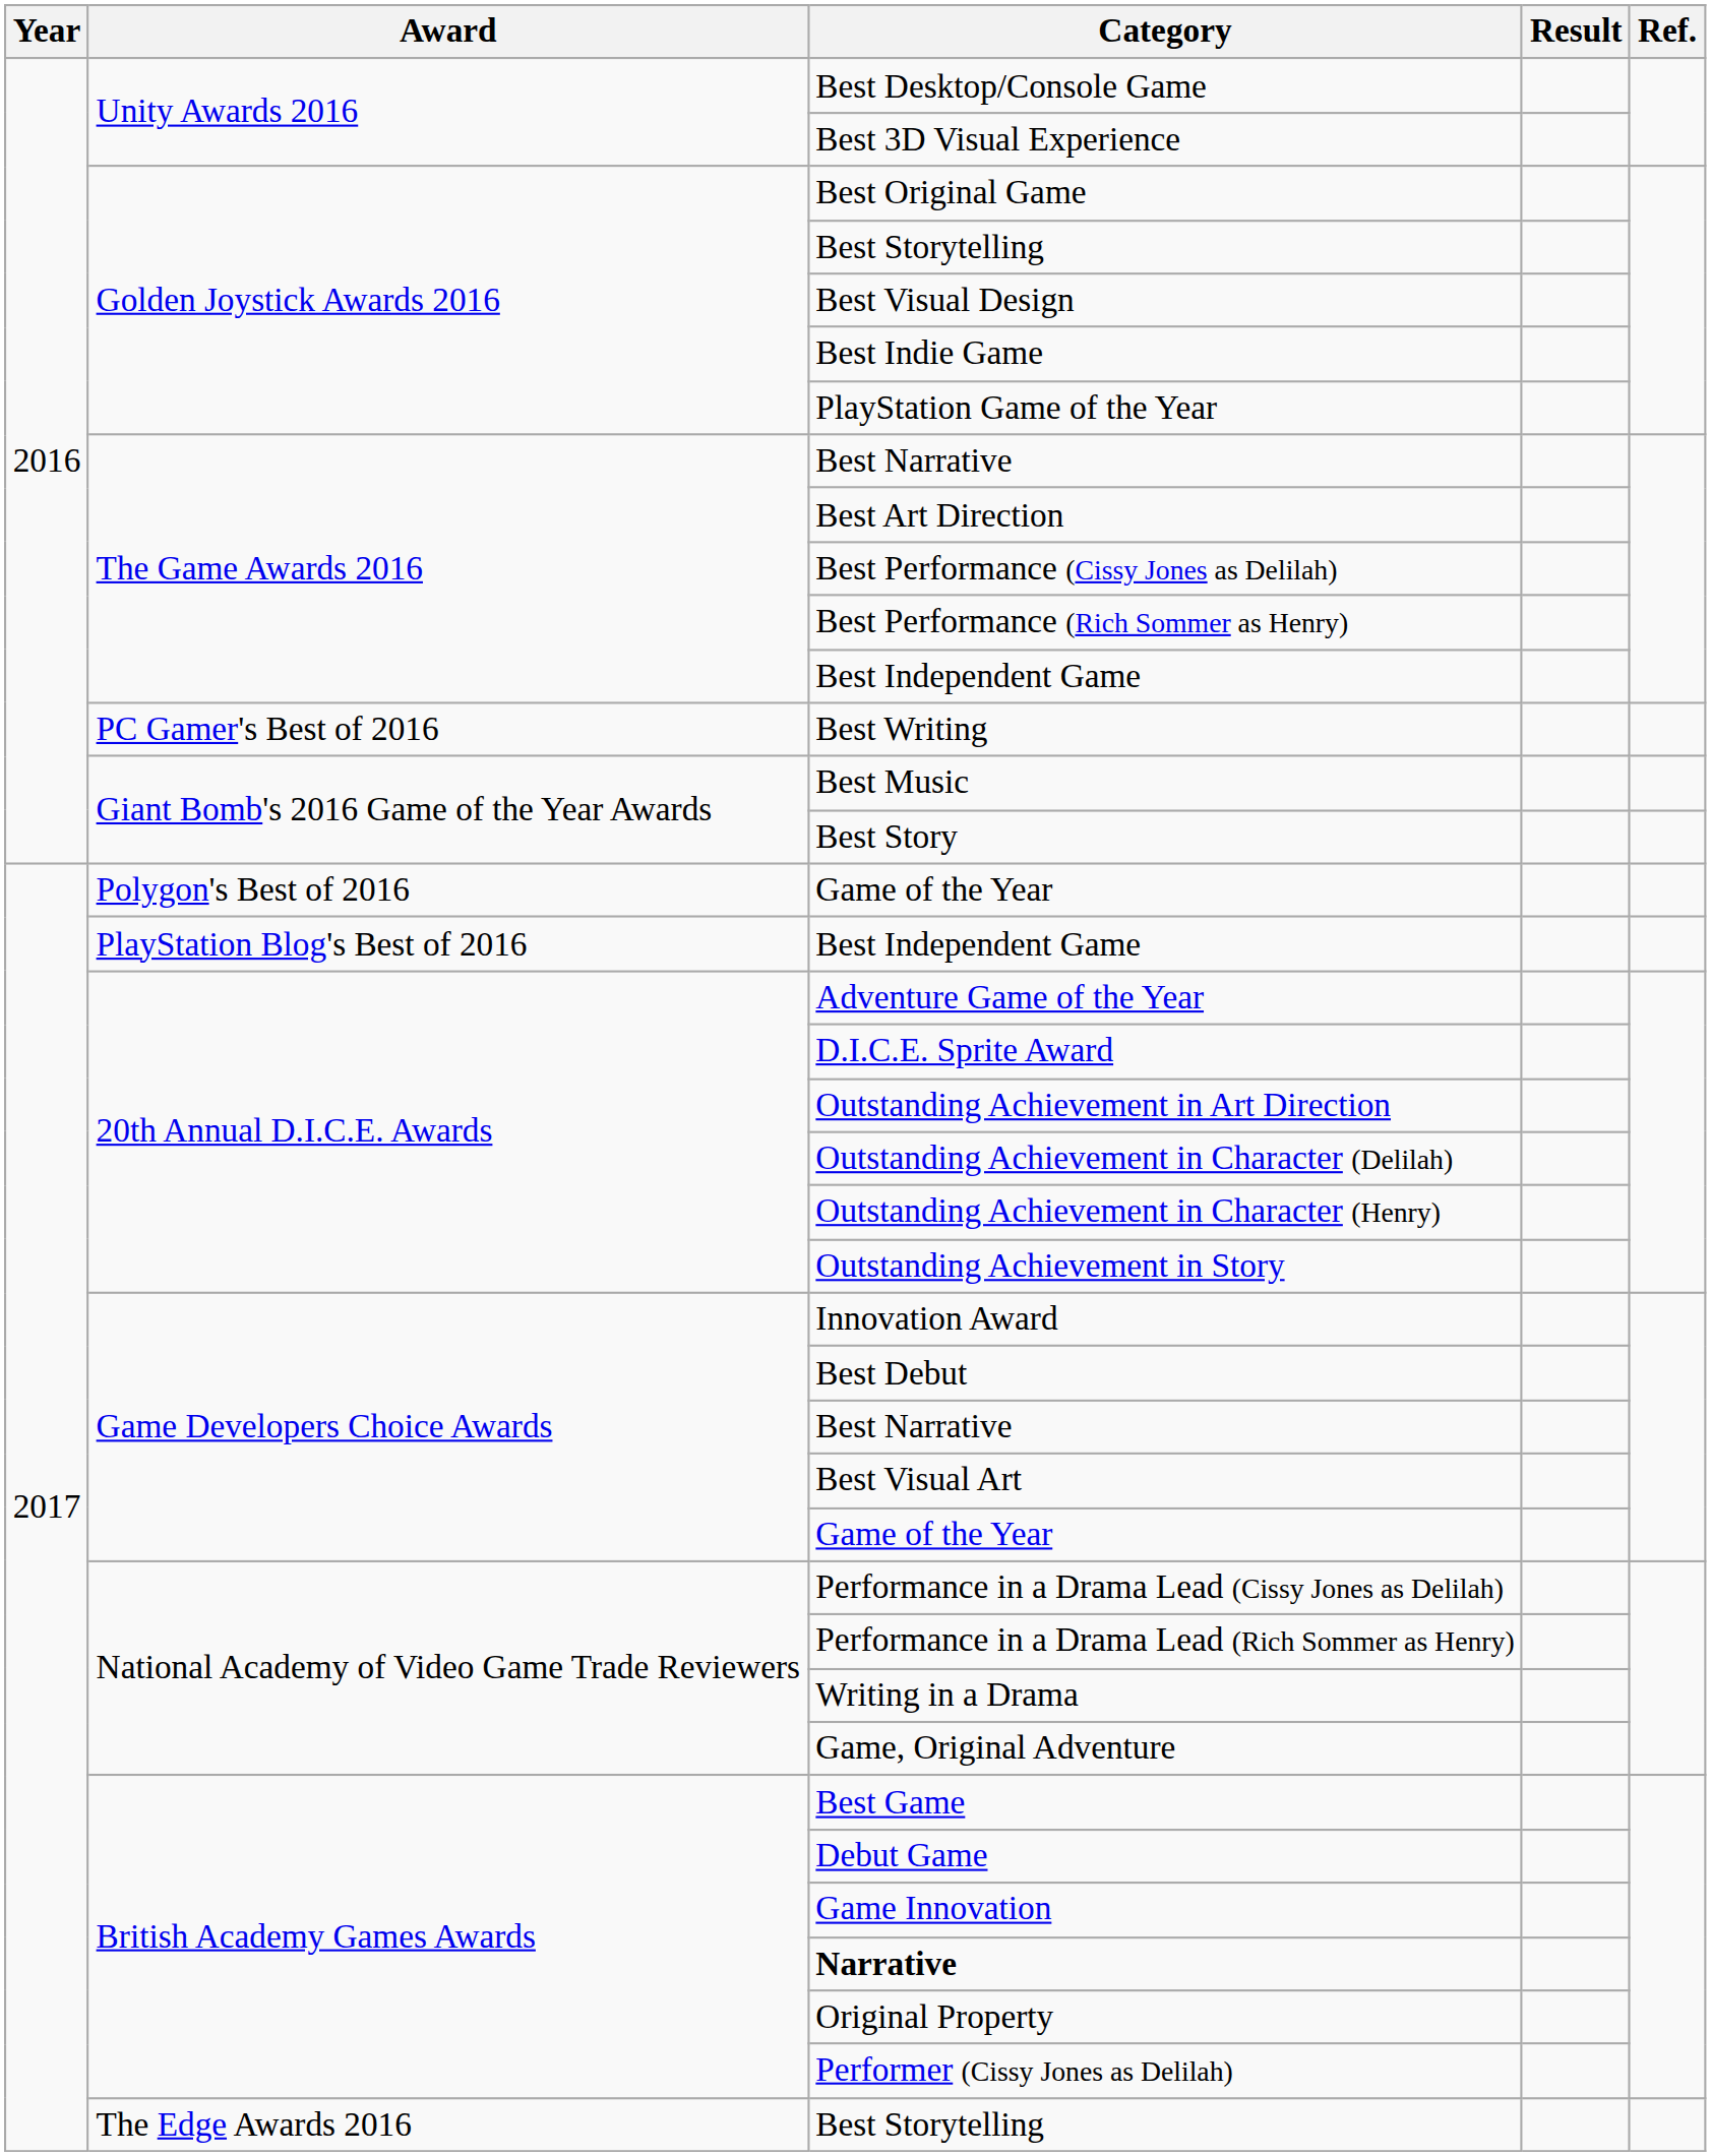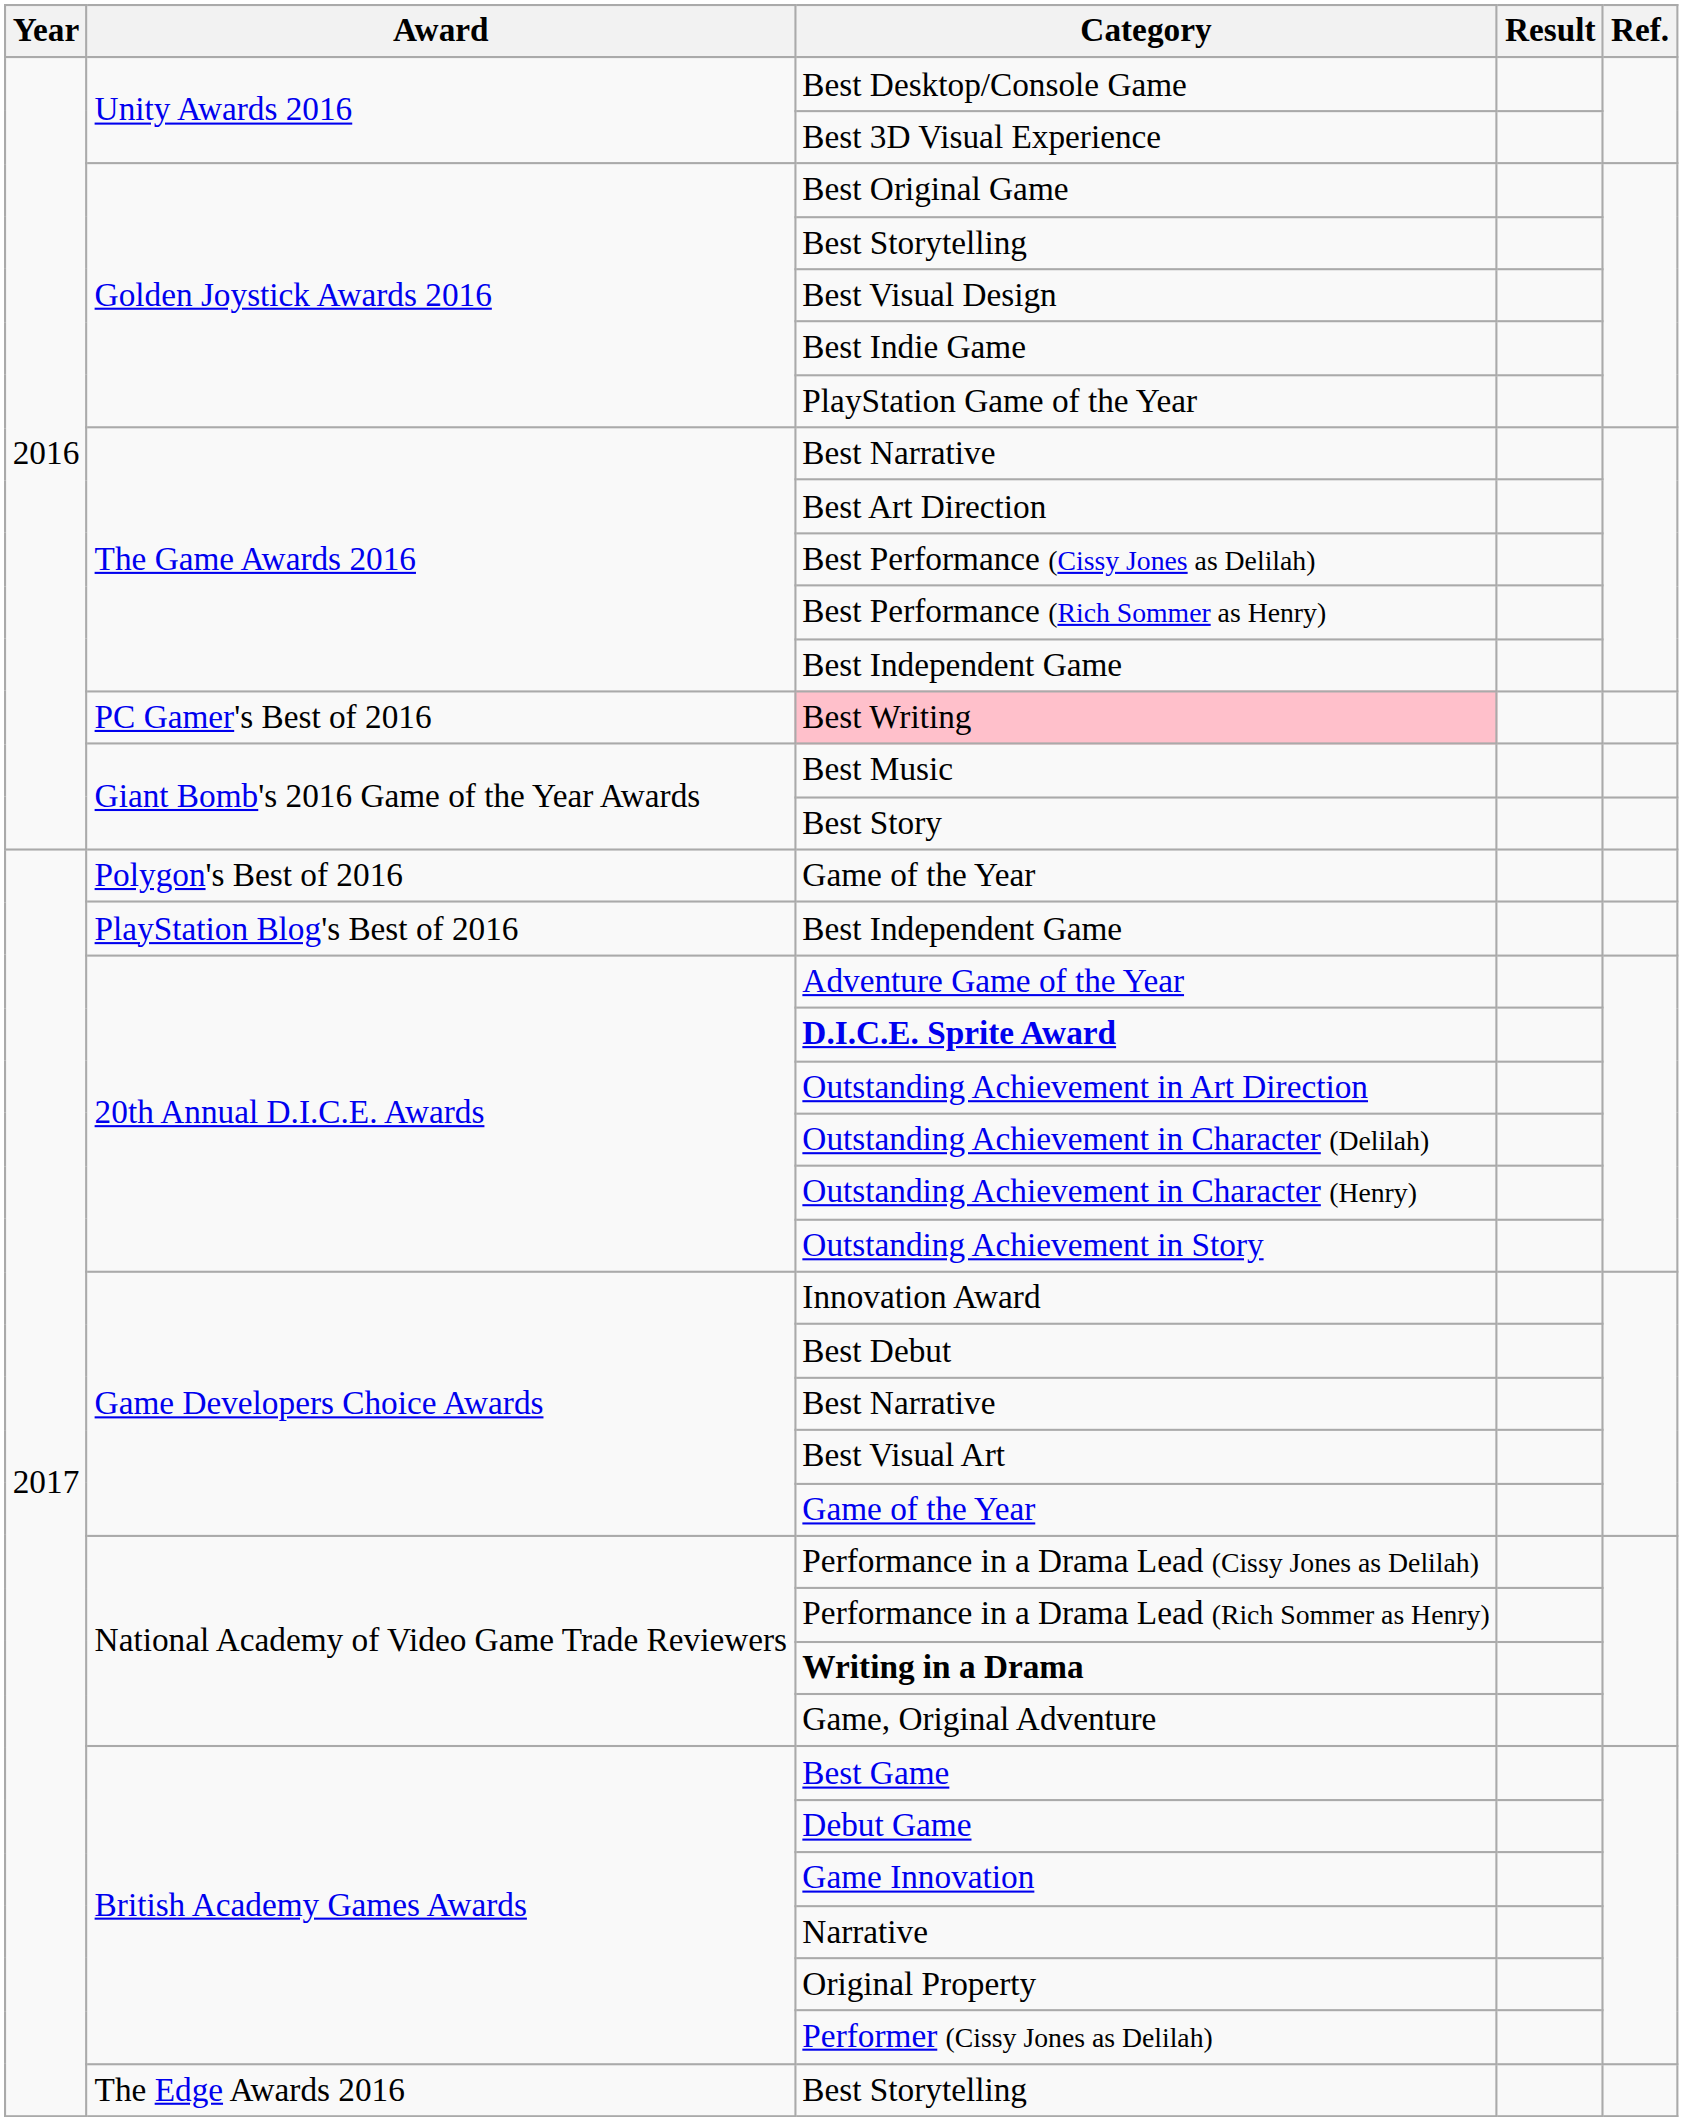 <table class="wikitable sortable">
 <tr>
 <th>Year</th>
 <th>Award</th>
 <th>Category</th>
 <th>Result</th>
 <th>Ref.</th>
 </tr>
 <tr>
 <td rowspan="15" style="text-align:center;">2016</td>
 <td rowspan="2"><a href='#'>Unity Awards 2016</a></td>
 <td>Best Desktop/Console Game</td>
 <td></td>
 <td rowspan="2"></td>
 </tr>
 <tr>
 <td>Best 3D Visual Experience</td>
 <td></td>
 </tr>
 <tr>
 <td rowspan="5"><a href='#'>Golden Joystick Awards 2016</a></td>
 <td>Best Original Game</td>
 <td></td>
 <td rowspan="5"></td>
 </tr>
 <tr>
 <td>Best Storytelling</td>
 <td></td>
 </tr>
 <tr>
 <td>Best Visual Design</td>
 <td></td>
 </tr>
 <tr>
 <td>Best Indie Game</td>
 <td></td>
 </tr>
 <tr>
 <td>PlayStation Game of the Year</td>
 <td></td>
 </tr>
 <tr>
 <td rowspan="5"><a href='#'>The Game Awards 2016</a></td>
 <td>Best Narrative</td>
 <td></td>
 <td rowspan="5"></td>
 </tr>
 <tr>
 <td>Best Art Direction</td>
 <td></td>
 </tr>
 <tr>
 <td>Best Performance <small>(<a href='#'>Cissy Jones</a> as Delilah)</small></td>
 <td></td>
 </tr>
 <tr>
 <td>Best Performance <small>(<a href='#'>Rich Sommer</a> as Henry)</small></td>
 <td></td>
 </tr>
 <tr>
 <td>Best Independent Game</td>
 <td></td>
 </tr>
 <tr>
 <td><a href='#'>PC Gamer</a>'s Best of 2016</td>
-<td>Best Writing</td>
+<td style="background: pink;">Best Writing</td>
 <td></td>
 <td></td>
 </tr>
 <tr>
 <td rowspan="2"><a href='#'>Giant Bomb</a>'s 2016 Game of the Year Awards</td>
 <td>Best Music</td>
 <td></td>
 <td></td>
 </tr>
 <tr>
 <td>Best Story</td>
 <td></td>
 <td></td>
 </tr>
 <tr>
 <td style="text-align:center;" rowspan="24">2017</td>
 <td><a href='#'>Polygon</a>'s Best of 2016</td>
 <td>Game of the Year</td>
 <td></td>
 <td></td>
 </tr>
 <tr>
 <td><a href='#'>PlayStation Blog</a>'s Best of 2016</td>
 <td>Best Independent Game</td>
 <td></td>
 <td></td>
 </tr>
 <tr>
 <td rowspan="6"><a href='#'>20th Annual D.I.C.E. Awards</a></td>
 <td><a href='#'>Adventure Game of the Year</a></td>
 <td></td>
 <td rowspan="6"></td>
 </tr>
 <tr>
-<td><a href='#'>D.I.C.E. Sprite Award</a></td>
+<td><strong><a href='#'>D.I.C.E. Sprite Award</a></strong></td>
 <td></td>
 </tr>
 <tr>
 <td><a href='#'>Outstanding Achievement in Art Direction</a></td>
 <td></td>
 </tr>
 <tr>
 <td><a href='#'>Outstanding Achievement in Character</a> <small>(Delilah)</small></td>
 <td></td>
 </tr>
 <tr>
 <td><a href='#'>Outstanding Achievement in Character</a> <small>(Henry)</small></td>
 <td></td>
 </tr>
 <tr>
 <td><a href='#'>Outstanding Achievement in Story</a></td>
 <td></td>
 </tr>
 <tr>
 <td rowspan="5"><a href='#'>Game Developers Choice Awards</a></td>
 <td>Innovation Award</td>
 <td></td>
 <td rowspan="5"></td>
 </tr>
 <tr>
 <td>Best Debut</td>
 <td></td>
 </tr>
 <tr>
 <td>Best Narrative</td>
 <td></td>
 </tr>
 <tr>
 <td>Best Visual Art</td>
 <td></td>
 </tr>
 <tr>
 <td><a href='#'>Game of the Year</a></td>
 <td></td>
 </tr>
 <tr>
 <td rowspan="4">National Academy of Video Game Trade Reviewers</td>
 <td>Performance in a Drama Lead <small>(Cissy Jones as Delilah)</small></td>
 <td></td>
 <td rowspan="4"></td>
 </tr>
 <tr>
 <td>Performance in a Drama Lead <small>(Rich Sommer as Henry)</small></td>
 <td></td>
 </tr>
 <tr>
-<td>Writing in a Drama</td>
+<td><strong>Writing in a Drama</strong></td>
 <td></td>
 </tr>
 <tr>
 <td>Game, Original Adventure</td>
 <td></td>
 </tr>
 <tr>
 <td rowspan="6"><a href='#'>British Academy Games Awards</a></td>
 <td><a href='#'>Best Game</a></td>
 <td></td>
 <td rowspan="6"></td>
 </tr>
 <tr>
 <td><a href='#'>Debut Game</a></td>
 <td></td>
 </tr>
 <tr>
 <td><a href='#'>Game Innovation</a></td>
 <td></td>
 </tr>
 <tr>
-<td><strong>Narrative</strong></td>
+<td>Narrative</td>
 <td></td>
 </tr>
 <tr>
 <td>Original Property</td>
 <td></td>
 </tr>
 <tr>
 <td><a href='#'>Performer</a> <small>(Cissy Jones as Delilah)</small></td>
 <td></td>
 </tr>
 <tr>
 <td>The <a href='#'>Edge</a> Awards 2016</td>
 <td>Best Storytelling</td>
 <td></td>
 <td></td>
 </tr>
 </table>
